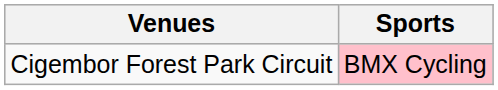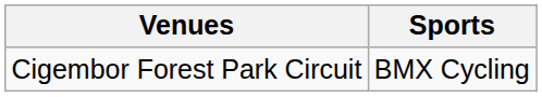 <table class="wikitable">
 <tr>
 <th>Venues</th>
 <th>Sports</th>
 </tr>
 <tr>
 <td>Cigembor Forest Park Circuit</td>
-<td style="background: pink;">BMX Cycling</td>
+<td>BMX Cycling</td>
 </tr>
 </table>
